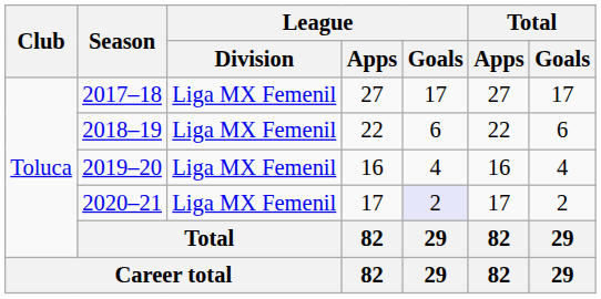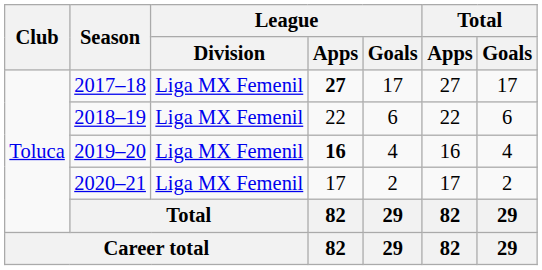 <table class=wikitable style="text-align: center;">
 <tr>
 <th rowspan=2>Club</th>
 <th rowspan=2>Season</th>
 <th colspan=3>League</th>
 <th colspan=2>Total</th>
 </tr>
 <tr>
 <th>Division</th>
 <th>Apps</th>
 <th>Goals</th>
 <th>Apps</th>
 <th>Goals</th>
 </tr>
 <tr>
 <td rowspan=5><a href='#'>Toluca</a></td>
 <td><a href='#'>2017–18</a></td>
 <td><a href='#'>Liga MX Femenil</a></td>
-<td>27</td>
+<td><strong>27</strong></td>
 <td>17</td>
 <td>27</td>
 <td>17</td>
 </tr>
 <tr>
 <td><a href='#'>2018–19</a></td>
 <td><a href='#'>Liga MX Femenil</a></td>
 <td>22</td>
 <td>6</td>
 <td>22</td>
 <td>6</td>
 </tr>
 <tr>
 <td><a href='#'>2019–20</a></td>
 <td><a href='#'>Liga MX Femenil</a></td>
-<td>16</td>
+<td><strong>16</strong></td>
 <td>4</td>
 <td>16</td>
 <td>4</td>
 </tr>
 <tr>
 <td><a href='#'>2020–21</a></td>
 <td><a href='#'>Liga MX Femenil</a></td>
 <td>17</td>
-<td style="background: lavender;">2</td>
+<td>2</td>
 <td>17</td>
 <td>2</td>
 </tr>
 <tr>
 <th colspan=2>Total</th>
 <th>82</th>
 <th>29</th>
 <th>82</th>
 <th>29</th>
 </tr>
 <tr>
 <th colspan=3>Career total</th>
 <th>82</th>
 <th>29</th>
 <th>82</th>
 <th>29</th>
 </tr>
 </table>
